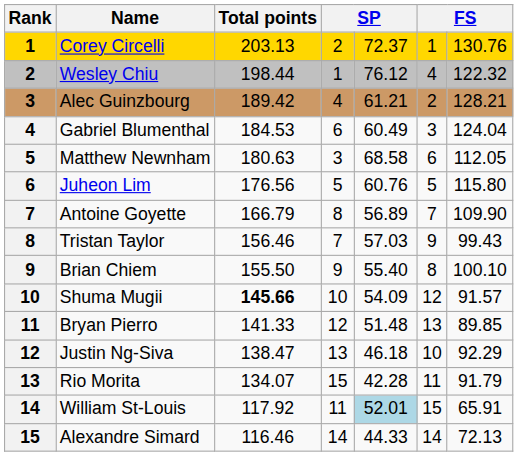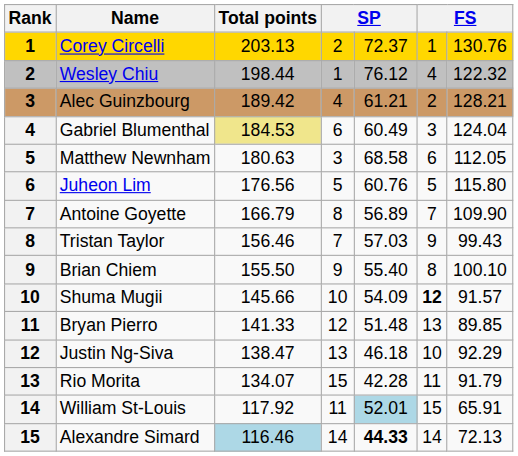 <table class="wikitable sortable">
 <tr>
 <th>Rank</th>
 <th>Name</th>
 <th>Total points</th>
 <th colspan="2" width="80px"><a href='#'>SP</a></th>
 <th colspan="2" width="80px"><a href='#'>FS</a></th>
 </tr>
 <tr bgcolor="gold">
 <td align="center"><strong>1</strong></td>
 <td><a href='#'>Corey Circelli</a></td>
 <td align="center">203.13</td>
 <td align="center">2</td>
 <td align="center">72.37</td>
 <td align="center">1</td>
 <td align="center">130.76</td>
 </tr>
 <tr bgcolor="silver">
 <td align="center"><strong>2</strong></td>
 <td><a href='#'>Wesley Chiu</a></td>
 <td align="center">198.44</td>
 <td align="center">1</td>
 <td align="center">76.12</td>
 <td align="center">4</td>
 <td align="center">122.32</td>
 </tr>
 <tr bgcolor="cc9966">
 <td align="center"><strong>3</strong></td>
 <td>Alec Guinzbourg</td>
 <td align="center">189.42</td>
 <td align="center">4</td>
 <td align="center">61.21</td>
 <td align="center">2</td>
 <td align="center">128.21</td>
 </tr>
 <tr>
 <th>4</th>
 <td>Gabriel Blumenthal</td>
-<td align="center">184.53</td>
+<td align="center" style="background: khaki;">184.53</td>
 <td align="center">6</td>
 <td align="center">60.49</td>
 <td align="center">3</td>
 <td align="center">124.04</td>
 </tr>
 <tr>
 <th>5</th>
 <td>Matthew Newnham</td>
 <td align="center">180.63</td>
 <td align="center">3</td>
 <td align="center">68.58</td>
 <td align="center">6</td>
 <td align="center">112.05</td>
 </tr>
 <tr>
 <th>6</th>
 <td><a href='#'>Juheon Lim</a></td>
 <td align="center">176.56</td>
 <td align="center">5</td>
 <td align="center">60.76</td>
 <td align="center">5</td>
 <td align="center">115.80</td>
 </tr>
 <tr>
 <th>7</th>
 <td>Antoine Goyette</td>
 <td align="center">166.79</td>
 <td align="center">8</td>
 <td align="center">56.89</td>
 <td align="center">7</td>
 <td align="center">109.90</td>
 </tr>
 <tr>
 <th>8</th>
 <td>Tristan Taylor</td>
 <td align="center">156.46</td>
 <td align="center">7</td>
 <td align="center">57.03</td>
 <td align="center">9</td>
 <td align="center">99.43</td>
 </tr>
 <tr>
 <th>9</th>
 <td>Brian Chiem</td>
 <td align="center">155.50</td>
 <td align="center">9</td>
 <td align="center">55.40</td>
 <td align="center">8</td>
 <td align="center">100.10</td>
 </tr>
 <tr>
 <th>10</th>
 <td>Shuma Mugii</td>
-<td align="center"><strong>145.66</strong></td>
+<td align="center">145.66</td>
 <td align="center">10</td>
 <td align="center">54.09</td>
-<td align="center">12</td>
+<td align="center"><strong>12</strong></td>
 <td align="center">91.57</td>
 </tr>
 <tr>
 <th>11</th>
 <td>Bryan Pierro</td>
 <td align="center">141.33</td>
 <td align="center">12</td>
 <td align="center">51.48</td>
 <td align="center">13</td>
 <td align="center">89.85</td>
 </tr>
 <tr>
 <th>12</th>
 <td>Justin Ng-Siva</td>
 <td align="center">138.47</td>
 <td align="center">13</td>
 <td align="center">46.18</td>
 <td align="center">10</td>
 <td align="center">92.29</td>
 </tr>
 <tr>
 <th>13</th>
 <td>Rio Morita</td>
 <td align="center">134.07</td>
 <td align="center">15</td>
 <td align="center">42.28</td>
 <td align="center">11</td>
 <td align="center">91.79</td>
 </tr>
 <tr>
 <th>14</th>
 <td>William St-Louis</td>
 <td align="center">117.92</td>
 <td align="center">11</td>
 <td align="center" style="background: lightblue;">52.01</td>
 <td align="center">15</td>
 <td align="center">65.91</td>
 </tr>
 <tr>
 <th>15</th>
 <td>Alexandre Simard</td>
-<td align="center">116.46</td>
+<td align="center" style="background: lightblue;">116.46</td>
 <td align="center">14</td>
-<td align="center">44.33</td>
+<td align="center"><strong>44.33</strong></td>
 <td align="center">14</td>
 <td align="center">72.13</td>
 </tr>
 </table>
